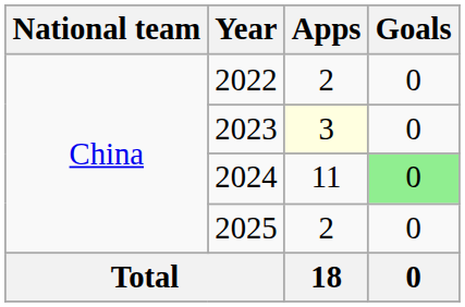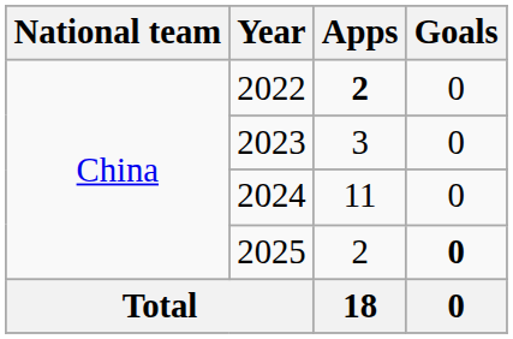 <table class="wikitable" style="text-align:center">
 <tr>
 <th>National team</th>
 <th>Year</th>
 <th>Apps</th>
 <th>Goals</th>
 </tr>
 <tr>
 <td rowspan="4"><a href='#'>China</a></td>
 <td>2022</td>
-<td>2</td>
+<td><strong>2</strong></td>
 <td>0</td>
 </tr>
 <tr>
 <td>2023</td>
-<td style="background: lightyellow;">3</td>
+<td>3</td>
 <td>0</td>
 </tr>
 <tr>
 <td>2024</td>
 <td>11</td>
-<td style="background: lightgreen;">0</td>
+<td>0</td>
 </tr>
 <tr>
 <td>2025</td>
 <td>2</td>
-<td>0</td>
+<td><strong>0</strong></td>
 </tr>
 <tr>
 <th colspan="2">Total</th>
 <th>18</th>
 <th>0</th>
 </tr>
 </table>
